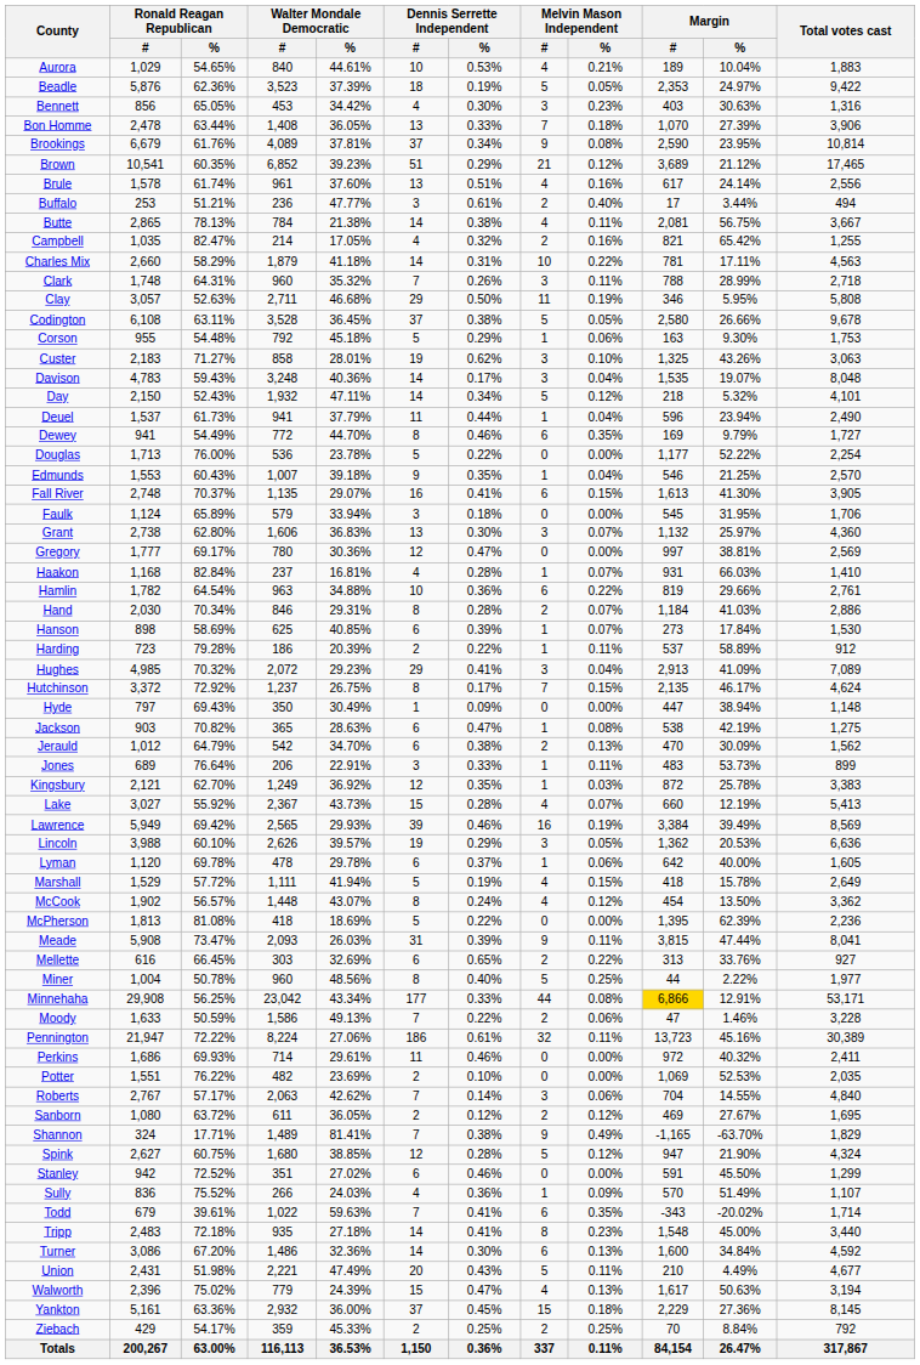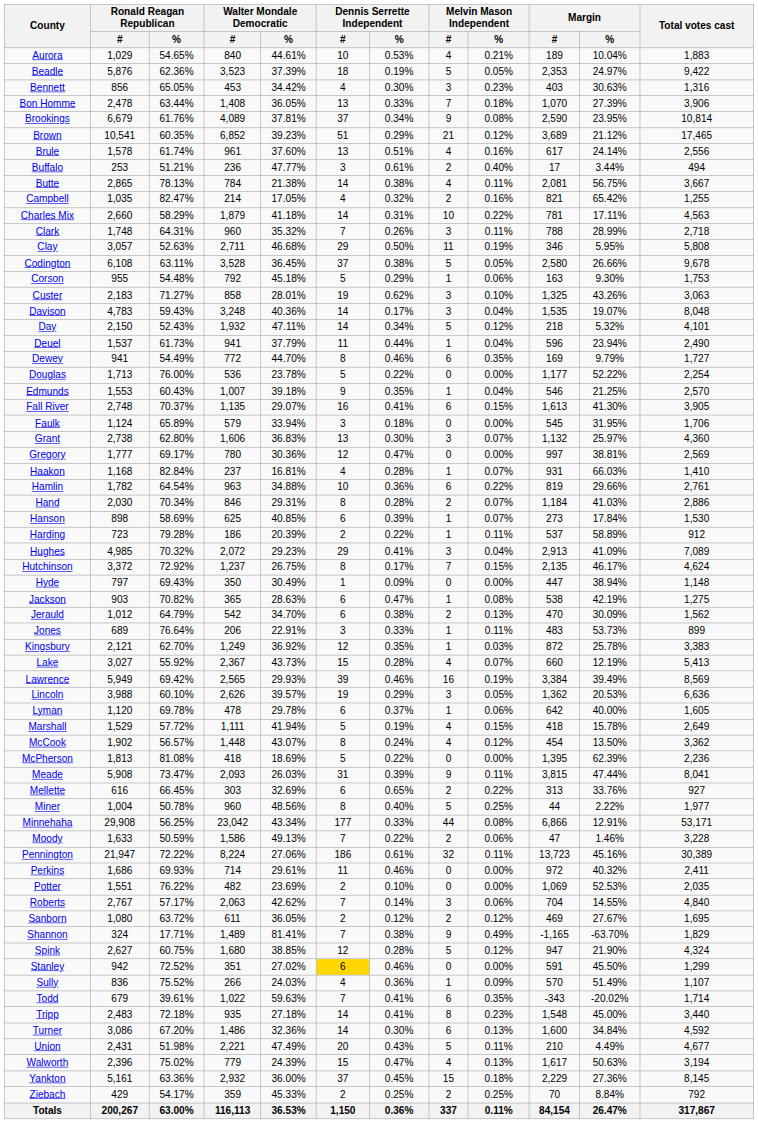 <table class="wikitable sortable" width="60%">
 <tr>
 <th rowspan="2">County</th>
 <th colspan="2">Ronald Reagan<br>Republican</th>
 <th colspan="2">Walter Mondale<br>Democratic</th>
 <th colspan="2">Dennis Serrette<br>Independent</th>
 <th colspan="2">Melvin Mason<br>Independent</th>
 <th colspan="2">Margin</th>
 <th rowspan="2">Total votes cast</th>
 </tr>
 <tr style="text-align:center;">
 <th data-sort-type="number">#</th>
 <th data-sort-type="number">%</th>
 <th data-sort-type="number">#</th>
 <th data-sort-type="number">%</th>
 <th data-sort-type="number">#</th>
 <th data-sort-type="number">%</th>
 <th data-sort-type="number">#</th>
 <th data-sort-type="number">%</th>
 <th data-sort-type="number">#</th>
 <th data-sort-type="number">%</th>
 </tr>
 <tr style="text-align:center;">
 <td><a href='#'>Aurora</a></td>
 <td>1,029</td>
 <td>54.65%</td>
 <td>840</td>
 <td>44.61%</td>
 <td>10</td>
 <td>0.53%</td>
 <td>4</td>
 <td>0.21%</td>
 <td>189</td>
 <td>10.04%</td>
 <td>1,883</td>
 </tr>
 <tr style="text-align:center;">
 <td><a href='#'>Beadle</a></td>
 <td>5,876</td>
 <td>62.36%</td>
 <td>3,523</td>
 <td>37.39%</td>
 <td>18</td>
 <td>0.19%</td>
 <td>5</td>
 <td>0.05%</td>
 <td>2,353</td>
 <td>24.97%</td>
 <td>9,422</td>
 </tr>
 <tr style="text-align:center;">
 <td><a href='#'>Bennett</a></td>
 <td>856</td>
 <td>65.05%</td>
 <td>453</td>
 <td>34.42%</td>
 <td>4</td>
 <td>0.30%</td>
 <td>3</td>
 <td>0.23%</td>
 <td>403</td>
 <td>30.63%</td>
 <td>1,316</td>
 </tr>
 <tr style="text-align:center;">
 <td><a href='#'>Bon Homme</a></td>
 <td>2,478</td>
 <td>63.44%</td>
 <td>1,408</td>
 <td>36.05%</td>
 <td>13</td>
 <td>0.33%</td>
 <td>7</td>
 <td>0.18%</td>
 <td>1,070</td>
 <td>27.39%</td>
 <td>3,906</td>
 </tr>
 <tr style="text-align:center;">
 <td><a href='#'>Brookings</a></td>
 <td>6,679</td>
 <td>61.76%</td>
 <td>4,089</td>
 <td>37.81%</td>
 <td>37</td>
 <td>0.34%</td>
 <td>9</td>
 <td>0.08%</td>
 <td>2,590</td>
 <td>23.95%</td>
 <td>10,814</td>
 </tr>
 <tr style="text-align:center;">
 <td><a href='#'>Brown</a></td>
 <td>10,541</td>
 <td>60.35%</td>
 <td>6,852</td>
 <td>39.23%</td>
 <td>51</td>
 <td>0.29%</td>
 <td>21</td>
 <td>0.12%</td>
 <td>3,689</td>
 <td>21.12%</td>
 <td>17,465</td>
 </tr>
 <tr style="text-align:center;">
 <td><a href='#'>Brule</a></td>
 <td>1,578</td>
 <td>61.74%</td>
 <td>961</td>
 <td>37.60%</td>
 <td>13</td>
 <td>0.51%</td>
 <td>4</td>
 <td>0.16%</td>
 <td>617</td>
 <td>24.14%</td>
 <td>2,556</td>
 </tr>
 <tr style="text-align:center;">
 <td><a href='#'>Buffalo</a></td>
 <td>253</td>
 <td>51.21%</td>
 <td>236</td>
 <td>47.77%</td>
 <td>3</td>
 <td>0.61%</td>
 <td>2</td>
 <td>0.40%</td>
 <td>17</td>
 <td>3.44%</td>
 <td>494</td>
 </tr>
 <tr style="text-align:center;">
 <td><a href='#'>Butte</a></td>
 <td>2,865</td>
 <td>78.13%</td>
 <td>784</td>
 <td>21.38%</td>
 <td>14</td>
 <td>0.38%</td>
 <td>4</td>
 <td>0.11%</td>
 <td>2,081</td>
 <td>56.75%</td>
 <td>3,667</td>
 </tr>
 <tr style="text-align:center;">
 <td><a href='#'>Campbell</a></td>
 <td>1,035</td>
 <td>82.47%</td>
 <td>214</td>
 <td>17.05%</td>
 <td>4</td>
 <td>0.32%</td>
 <td>2</td>
 <td>0.16%</td>
 <td>821</td>
 <td>65.42%</td>
 <td>1,255</td>
 </tr>
 <tr style="text-align:center;">
 <td><a href='#'>Charles Mix</a></td>
 <td>2,660</td>
 <td>58.29%</td>
 <td>1,879</td>
 <td>41.18%</td>
 <td>14</td>
 <td>0.31%</td>
 <td>10</td>
 <td>0.22%</td>
 <td>781</td>
 <td>17.11%</td>
 <td>4,563</td>
 </tr>
 <tr style="text-align:center;">
 <td><a href='#'>Clark</a></td>
 <td>1,748</td>
 <td>64.31%</td>
 <td>960</td>
 <td>35.32%</td>
 <td>7</td>
 <td>0.26%</td>
 <td>3</td>
 <td>0.11%</td>
 <td>788</td>
 <td>28.99%</td>
 <td>2,718</td>
 </tr>
 <tr style="text-align:center;">
 <td><a href='#'>Clay</a></td>
 <td>3,057</td>
 <td>52.63%</td>
 <td>2,711</td>
 <td>46.68%</td>
 <td>29</td>
 <td>0.50%</td>
 <td>11</td>
 <td>0.19%</td>
 <td>346</td>
 <td>5.95%</td>
 <td>5,808</td>
 </tr>
 <tr style="text-align:center;">
 <td><a href='#'>Codington</a></td>
 <td>6,108</td>
 <td>63.11%</td>
 <td>3,528</td>
 <td>36.45%</td>
 <td>37</td>
 <td>0.38%</td>
 <td>5</td>
 <td>0.05%</td>
 <td>2,580</td>
 <td>26.66%</td>
 <td>9,678</td>
 </tr>
 <tr style="text-align:center;">
 <td><a href='#'>Corson</a></td>
 <td>955</td>
 <td>54.48%</td>
 <td>792</td>
 <td>45.18%</td>
 <td>5</td>
 <td>0.29%</td>
 <td>1</td>
 <td>0.06%</td>
 <td>163</td>
 <td>9.30%</td>
 <td>1,753</td>
 </tr>
 <tr style="text-align:center;">
 <td><a href='#'>Custer</a></td>
 <td>2,183</td>
 <td>71.27%</td>
 <td>858</td>
 <td>28.01%</td>
 <td>19</td>
 <td>0.62%</td>
 <td>3</td>
 <td>0.10%</td>
 <td>1,325</td>
 <td>43.26%</td>
 <td>3,063</td>
 </tr>
 <tr style="text-align:center;">
 <td><a href='#'>Davison</a></td>
 <td>4,783</td>
 <td>59.43%</td>
 <td>3,248</td>
 <td>40.36%</td>
 <td>14</td>
 <td>0.17%</td>
 <td>3</td>
 <td>0.04%</td>
 <td>1,535</td>
 <td>19.07%</td>
 <td>8,048</td>
 </tr>
 <tr style="text-align:center;">
 <td><a href='#'>Day</a></td>
 <td>2,150</td>
 <td>52.43%</td>
 <td>1,932</td>
 <td>47.11%</td>
 <td>14</td>
 <td>0.34%</td>
 <td>5</td>
 <td>0.12%</td>
 <td>218</td>
 <td>5.32%</td>
 <td>4,101</td>
 </tr>
 <tr style="text-align:center;">
 <td><a href='#'>Deuel</a></td>
 <td>1,537</td>
 <td>61.73%</td>
 <td>941</td>
 <td>37.79%</td>
 <td>11</td>
 <td>0.44%</td>
 <td>1</td>
 <td>0.04%</td>
 <td>596</td>
 <td>23.94%</td>
 <td>2,490</td>
 </tr>
 <tr style="text-align:center;">
 <td><a href='#'>Dewey</a></td>
 <td>941</td>
 <td>54.49%</td>
 <td>772</td>
 <td>44.70%</td>
 <td>8</td>
 <td>0.46%</td>
 <td>6</td>
 <td>0.35%</td>
 <td>169</td>
 <td>9.79%</td>
 <td>1,727</td>
 </tr>
 <tr style="text-align:center;">
 <td><a href='#'>Douglas</a></td>
 <td>1,713</td>
 <td>76.00%</td>
 <td>536</td>
 <td>23.78%</td>
 <td>5</td>
 <td>0.22%</td>
 <td>0</td>
 <td>0.00%</td>
 <td>1,177</td>
 <td>52.22%</td>
 <td>2,254</td>
 </tr>
 <tr style="text-align:center;">
 <td><a href='#'>Edmunds</a></td>
 <td>1,553</td>
 <td>60.43%</td>
 <td>1,007</td>
 <td>39.18%</td>
 <td>9</td>
 <td>0.35%</td>
 <td>1</td>
 <td>0.04%</td>
 <td>546</td>
 <td>21.25%</td>
 <td>2,570</td>
 </tr>
 <tr style="text-align:center;">
 <td><a href='#'>Fall River</a></td>
 <td>2,748</td>
 <td>70.37%</td>
 <td>1,135</td>
 <td>29.07%</td>
 <td>16</td>
 <td>0.41%</td>
 <td>6</td>
 <td>0.15%</td>
 <td>1,613</td>
 <td>41.30%</td>
 <td>3,905</td>
 </tr>
 <tr style="text-align:center;">
 <td><a href='#'>Faulk</a></td>
 <td>1,124</td>
 <td>65.89%</td>
 <td>579</td>
 <td>33.94%</td>
 <td>3</td>
 <td>0.18%</td>
 <td>0</td>
 <td>0.00%</td>
 <td>545</td>
 <td>31.95%</td>
 <td>1,706</td>
 </tr>
 <tr style="text-align:center;">
 <td><a href='#'>Grant</a></td>
 <td>2,738</td>
 <td>62.80%</td>
 <td>1,606</td>
 <td>36.83%</td>
 <td>13</td>
 <td>0.30%</td>
 <td>3</td>
 <td>0.07%</td>
 <td>1,132</td>
 <td>25.97%</td>
 <td>4,360</td>
 </tr>
 <tr style="text-align:center;">
 <td><a href='#'>Gregory</a></td>
 <td>1,777</td>
 <td>69.17%</td>
 <td>780</td>
 <td>30.36%</td>
 <td>12</td>
 <td>0.47%</td>
 <td>0</td>
 <td>0.00%</td>
 <td>997</td>
 <td>38.81%</td>
 <td>2,569</td>
 </tr>
 <tr style="text-align:center;">
 <td><a href='#'>Haakon</a></td>
 <td>1,168</td>
 <td>82.84%</td>
 <td>237</td>
 <td>16.81%</td>
 <td>4</td>
 <td>0.28%</td>
 <td>1</td>
 <td>0.07%</td>
 <td>931</td>
 <td>66.03%</td>
 <td>1,410</td>
 </tr>
 <tr style="text-align:center;">
 <td><a href='#'>Hamlin</a></td>
 <td>1,782</td>
 <td>64.54%</td>
 <td>963</td>
 <td>34.88%</td>
 <td>10</td>
 <td>0.36%</td>
 <td>6</td>
 <td>0.22%</td>
 <td>819</td>
 <td>29.66%</td>
 <td>2,761</td>
 </tr>
 <tr style="text-align:center;">
 <td><a href='#'>Hand</a></td>
 <td>2,030</td>
 <td>70.34%</td>
 <td>846</td>
 <td>29.31%</td>
 <td>8</td>
 <td>0.28%</td>
 <td>2</td>
 <td>0.07%</td>
 <td>1,184</td>
 <td>41.03%</td>
 <td>2,886</td>
 </tr>
 <tr style="text-align:center;">
 <td><a href='#'>Hanson</a></td>
 <td>898</td>
 <td>58.69%</td>
 <td>625</td>
 <td>40.85%</td>
 <td>6</td>
 <td>0.39%</td>
 <td>1</td>
 <td>0.07%</td>
 <td>273</td>
 <td>17.84%</td>
 <td>1,530</td>
 </tr>
 <tr style="text-align:center;">
 <td><a href='#'>Harding</a></td>
 <td>723</td>
 <td>79.28%</td>
 <td>186</td>
 <td>20.39%</td>
 <td>2</td>
 <td>0.22%</td>
 <td>1</td>
 <td>0.11%</td>
 <td>537</td>
 <td>58.89%</td>
 <td>912</td>
 </tr>
 <tr style="text-align:center;">
 <td><a href='#'>Hughes</a></td>
 <td>4,985</td>
 <td>70.32%</td>
 <td>2,072</td>
 <td>29.23%</td>
 <td>29</td>
 <td>0.41%</td>
 <td>3</td>
 <td>0.04%</td>
 <td>2,913</td>
 <td>41.09%</td>
 <td>7,089</td>
 </tr>
 <tr style="text-align:center;">
 <td><a href='#'>Hutchinson</a></td>
 <td>3,372</td>
 <td>72.92%</td>
 <td>1,237</td>
 <td>26.75%</td>
 <td>8</td>
 <td>0.17%</td>
 <td>7</td>
 <td>0.15%</td>
 <td>2,135</td>
 <td>46.17%</td>
 <td>4,624</td>
 </tr>
 <tr style="text-align:center;">
 <td><a href='#'>Hyde</a></td>
 <td>797</td>
 <td>69.43%</td>
 <td>350</td>
 <td>30.49%</td>
 <td>1</td>
 <td>0.09%</td>
 <td>0</td>
 <td>0.00%</td>
 <td>447</td>
 <td>38.94%</td>
 <td>1,148</td>
 </tr>
 <tr style="text-align:center;">
 <td><a href='#'>Jackson</a></td>
 <td>903</td>
 <td>70.82%</td>
 <td>365</td>
 <td>28.63%</td>
 <td>6</td>
 <td>0.47%</td>
 <td>1</td>
 <td>0.08%</td>
 <td>538</td>
 <td>42.19%</td>
 <td>1,275</td>
 </tr>
 <tr style="text-align:center;">
 <td><a href='#'>Jerauld</a></td>
 <td>1,012</td>
 <td>64.79%</td>
 <td>542</td>
 <td>34.70%</td>
 <td>6</td>
 <td>0.38%</td>
 <td>2</td>
 <td>0.13%</td>
 <td>470</td>
 <td>30.09%</td>
 <td>1,562</td>
 </tr>
 <tr style="text-align:center;">
 <td><a href='#'>Jones</a></td>
 <td>689</td>
 <td>76.64%</td>
 <td>206</td>
 <td>22.91%</td>
 <td>3</td>
 <td>0.33%</td>
 <td>1</td>
 <td>0.11%</td>
 <td>483</td>
 <td>53.73%</td>
 <td>899</td>
 </tr>
 <tr style="text-align:center;">
 <td><a href='#'>Kingsbury</a></td>
 <td>2,121</td>
 <td>62.70%</td>
 <td>1,249</td>
 <td>36.92%</td>
 <td>12</td>
 <td>0.35%</td>
 <td>1</td>
 <td>0.03%</td>
 <td>872</td>
 <td>25.78%</td>
 <td>3,383</td>
 </tr>
 <tr style="text-align:center;">
 <td><a href='#'>Lake</a></td>
 <td>3,027</td>
 <td>55.92%</td>
 <td>2,367</td>
 <td>43.73%</td>
 <td>15</td>
 <td>0.28%</td>
 <td>4</td>
 <td>0.07%</td>
 <td>660</td>
 <td>12.19%</td>
 <td>5,413</td>
 </tr>
 <tr style="text-align:center;">
 <td><a href='#'>Lawrence</a></td>
 <td>5,949</td>
 <td>69.42%</td>
 <td>2,565</td>
 <td>29.93%</td>
 <td>39</td>
 <td>0.46%</td>
 <td>16</td>
 <td>0.19%</td>
 <td>3,384</td>
 <td>39.49%</td>
 <td>8,569</td>
 </tr>
 <tr style="text-align:center;">
 <td><a href='#'>Lincoln</a></td>
 <td>3,988</td>
 <td>60.10%</td>
 <td>2,626</td>
 <td>39.57%</td>
 <td>19</td>
 <td>0.29%</td>
 <td>3</td>
 <td>0.05%</td>
 <td>1,362</td>
 <td>20.53%</td>
 <td>6,636</td>
 </tr>
 <tr style="text-align:center;">
 <td><a href='#'>Lyman</a></td>
 <td>1,120</td>
 <td>69.78%</td>
 <td>478</td>
 <td>29.78%</td>
 <td>6</td>
 <td>0.37%</td>
 <td>1</td>
 <td>0.06%</td>
 <td>642</td>
 <td>40.00%</td>
 <td>1,605</td>
 </tr>
 <tr style="text-align:center;">
 <td><a href='#'>Marshall</a></td>
 <td>1,529</td>
 <td>57.72%</td>
 <td>1,111</td>
 <td>41.94%</td>
 <td>5</td>
 <td>0.19%</td>
 <td>4</td>
 <td>0.15%</td>
 <td>418</td>
 <td>15.78%</td>
 <td>2,649</td>
 </tr>
 <tr style="text-align:center;">
 <td><a href='#'>McCook</a></td>
 <td>1,902</td>
 <td>56.57%</td>
 <td>1,448</td>
 <td>43.07%</td>
 <td>8</td>
 <td>0.24%</td>
 <td>4</td>
 <td>0.12%</td>
 <td>454</td>
 <td>13.50%</td>
 <td>3,362</td>
 </tr>
 <tr style="text-align:center;">
 <td><a href='#'>McPherson</a></td>
 <td>1,813</td>
 <td>81.08%</td>
 <td>418</td>
 <td>18.69%</td>
 <td>5</td>
 <td>0.22%</td>
 <td>0</td>
 <td>0.00%</td>
 <td>1,395</td>
 <td>62.39%</td>
 <td>2,236</td>
 </tr>
 <tr style="text-align:center;">
 <td><a href='#'>Meade</a></td>
 <td>5,908</td>
 <td>73.47%</td>
 <td>2,093</td>
 <td>26.03%</td>
 <td>31</td>
 <td>0.39%</td>
 <td>9</td>
 <td>0.11%</td>
 <td>3,815</td>
 <td>47.44%</td>
 <td>8,041</td>
 </tr>
 <tr style="text-align:center;">
 <td><a href='#'>Mellette</a></td>
 <td>616</td>
 <td>66.45%</td>
 <td>303</td>
 <td>32.69%</td>
 <td>6</td>
 <td>0.65%</td>
 <td>2</td>
 <td>0.22%</td>
 <td>313</td>
 <td>33.76%</td>
 <td>927</td>
 </tr>
 <tr style="text-align:center;">
 <td><a href='#'>Miner</a></td>
 <td>1,004</td>
 <td>50.78%</td>
 <td>960</td>
 <td>48.56%</td>
 <td>8</td>
 <td>0.40%</td>
 <td>5</td>
 <td>0.25%</td>
 <td>44</td>
 <td>2.22%</td>
 <td>1,977</td>
 </tr>
 <tr style="text-align:center;">
 <td><a href='#'>Minnehaha</a></td>
 <td>29,908</td>
 <td>56.25%</td>
 <td>23,042</td>
 <td>43.34%</td>
 <td>177</td>
 <td>0.33%</td>
 <td>44</td>
 <td>0.08%</td>
-<td style="background: gold;">6,866</td>
+<td>6,866</td>
 <td>12.91%</td>
 <td>53,171</td>
 </tr>
 <tr style="text-align:center;">
 <td><a href='#'>Moody</a></td>
 <td>1,633</td>
 <td>50.59%</td>
 <td>1,586</td>
 <td>49.13%</td>
 <td>7</td>
 <td>0.22%</td>
 <td>2</td>
 <td>0.06%</td>
 <td>47</td>
 <td>1.46%</td>
 <td>3,228</td>
 </tr>
 <tr style="text-align:center;">
 <td><a href='#'>Pennington</a></td>
 <td>21,947</td>
 <td>72.22%</td>
 <td>8,224</td>
 <td>27.06%</td>
 <td>186</td>
 <td>0.61%</td>
 <td>32</td>
 <td>0.11%</td>
 <td>13,723</td>
 <td>45.16%</td>
 <td>30,389</td>
 </tr>
 <tr style="text-align:center;">
 <td><a href='#'>Perkins</a></td>
 <td>1,686</td>
 <td>69.93%</td>
 <td>714</td>
 <td>29.61%</td>
 <td>11</td>
 <td>0.46%</td>
 <td>0</td>
 <td>0.00%</td>
 <td>972</td>
 <td>40.32%</td>
 <td>2,411</td>
 </tr>
 <tr style="text-align:center;">
 <td><a href='#'>Potter</a></td>
 <td>1,551</td>
 <td>76.22%</td>
 <td>482</td>
 <td>23.69%</td>
 <td>2</td>
 <td>0.10%</td>
 <td>0</td>
 <td>0.00%</td>
 <td>1,069</td>
 <td>52.53%</td>
 <td>2,035</td>
 </tr>
 <tr style="text-align:center;">
 <td><a href='#'>Roberts</a></td>
 <td>2,767</td>
 <td>57.17%</td>
 <td>2,063</td>
 <td>42.62%</td>
 <td>7</td>
 <td>0.14%</td>
 <td>3</td>
 <td>0.06%</td>
 <td>704</td>
 <td>14.55%</td>
 <td>4,840</td>
 </tr>
 <tr style="text-align:center;">
 <td><a href='#'>Sanborn</a></td>
 <td>1,080</td>
 <td>63.72%</td>
 <td>611</td>
 <td>36.05%</td>
 <td>2</td>
 <td>0.12%</td>
 <td>2</td>
 <td>0.12%</td>
 <td>469</td>
 <td>27.67%</td>
 <td>1,695</td>
 </tr>
 <tr style="text-align:center;">
 <td><a href='#'>Shannon</a></td>
 <td>324</td>
 <td>17.71%</td>
 <td>1,489</td>
 <td>81.41%</td>
 <td>7</td>
 <td>0.38%</td>
 <td>9</td>
 <td>0.49%</td>
 <td>-1,165</td>
 <td>-63.70%</td>
 <td>1,829</td>
 </tr>
 <tr style="text-align:center;">
 <td><a href='#'>Spink</a></td>
 <td>2,627</td>
 <td>60.75%</td>
 <td>1,680</td>
 <td>38.85%</td>
 <td>12</td>
 <td>0.28%</td>
 <td>5</td>
 <td>0.12%</td>
 <td>947</td>
 <td>21.90%</td>
 <td>4,324</td>
 </tr>
 <tr style="text-align:center;">
 <td><a href='#'>Stanley</a></td>
 <td>942</td>
 <td>72.52%</td>
 <td>351</td>
 <td>27.02%</td>
-<td>6</td>
+<td style="background: gold;">6</td>
 <td>0.46%</td>
 <td>0</td>
 <td>0.00%</td>
 <td>591</td>
 <td>45.50%</td>
 <td>1,299</td>
 </tr>
 <tr style="text-align:center;">
 <td><a href='#'>Sully</a></td>
 <td>836</td>
 <td>75.52%</td>
 <td>266</td>
 <td>24.03%</td>
 <td>4</td>
 <td>0.36%</td>
 <td>1</td>
 <td>0.09%</td>
 <td>570</td>
 <td>51.49%</td>
 <td>1,107</td>
 </tr>
 <tr style="text-align:center;">
 <td><a href='#'>Todd</a></td>
 <td>679</td>
 <td>39.61%</td>
 <td>1,022</td>
 <td>59.63%</td>
 <td>7</td>
 <td>0.41%</td>
 <td>6</td>
 <td>0.35%</td>
 <td>-343</td>
 <td>-20.02%</td>
 <td>1,714</td>
 </tr>
 <tr style="text-align:center;">
 <td><a href='#'>Tripp</a></td>
 <td>2,483</td>
 <td>72.18%</td>
 <td>935</td>
 <td>27.18%</td>
 <td>14</td>
 <td>0.41%</td>
 <td>8</td>
 <td>0.23%</td>
 <td>1,548</td>
 <td>45.00%</td>
 <td>3,440</td>
 </tr>
 <tr style="text-align:center;">
 <td><a href='#'>Turner</a></td>
 <td>3,086</td>
 <td>67.20%</td>
 <td>1,486</td>
 <td>32.36%</td>
 <td>14</td>
 <td>0.30%</td>
 <td>6</td>
 <td>0.13%</td>
 <td>1,600</td>
 <td>34.84%</td>
 <td>4,592</td>
 </tr>
 <tr style="text-align:center;">
 <td><a href='#'>Union</a></td>
 <td>2,431</td>
 <td>51.98%</td>
 <td>2,221</td>
 <td>47.49%</td>
 <td>20</td>
 <td>0.43%</td>
 <td>5</td>
 <td>0.11%</td>
 <td>210</td>
 <td>4.49%</td>
 <td>4,677</td>
 </tr>
 <tr style="text-align:center;">
 <td><a href='#'>Walworth</a></td>
 <td>2,396</td>
 <td>75.02%</td>
 <td>779</td>
 <td>24.39%</td>
 <td>15</td>
 <td>0.47%</td>
 <td>4</td>
 <td>0.13%</td>
 <td>1,617</td>
 <td>50.63%</td>
 <td>3,194</td>
 </tr>
 <tr style="text-align:center;">
 <td><a href='#'>Yankton</a></td>
 <td>5,161</td>
 <td>63.36%</td>
 <td>2,932</td>
 <td>36.00%</td>
 <td>37</td>
 <td>0.45%</td>
 <td>15</td>
 <td>0.18%</td>
 <td>2,229</td>
 <td>27.36%</td>
 <td>8,145</td>
 </tr>
 <tr style="text-align:center;">
 <td><a href='#'>Ziebach</a></td>
 <td>429</td>
 <td>54.17%</td>
 <td>359</td>
 <td>45.33%</td>
 <td>2</td>
 <td>0.25%</td>
 <td>2</td>
 <td>0.25%</td>
 <td>70</td>
 <td>8.84%</td>
 <td>792</td>
 </tr>
 <tr style="text-align:center;">
 <th>Totals</th>
 <th>200,267</th>
 <th>63.00%</th>
 <th>116,113</th>
 <th>36.53%</th>
 <th>1,150</th>
 <th>0.36%</th>
 <th>337</th>
 <th>0.11%</th>
 <th>84,154</th>
 <th>26.47%</th>
 <th>317,867</th>
 </tr>
 </table>
